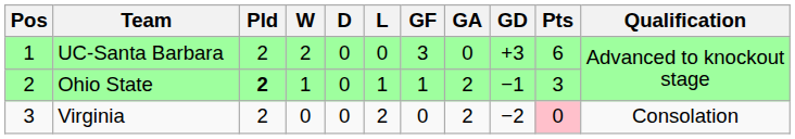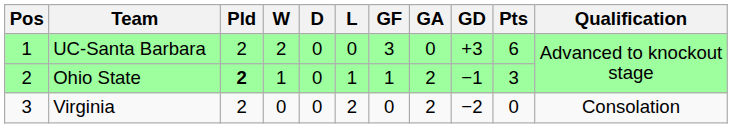 <table class="wikitable" style="text-align:center; margin: 1em auto">
 <tr>
 <th style=width:2em>Pos</th>
 <th style=width:13em>Team</th>
 <th style=width:2em>Pld</th>
 <th style=width:2em>W</th>
 <th style=width:2em>D</th>
 <th style=width:2em>L</th>
 <th style=width:2em>GF</th>
 <th style=width:2em>GA</th>
 <th style=width:2em>GD</th>
 <th style=width:2em>Pts</th>
 <th style=width:13em>Qualification</th>
 </tr>
 <tr bgcolor="#9eff9e">
 <td>1</td>
 <td style="text-align:left">UC-Santa Barbara</td>
 <td>2</td>
 <td>2</td>
 <td>0</td>
 <td>0</td>
 <td>3</td>
 <td>0</td>
 <td>+3</td>
 <td>6</td>
 <td rowspan="2">Advanced to knockout stage</td>
 </tr>
 <tr bgcolor="#9eff9e">
 <td>2</td>
 <td style="text-align:left">Ohio State</td>
 <td><strong>2</strong></td>
 <td>1</td>
 <td>0</td>
 <td>1</td>
 <td>1</td>
 <td>2</td>
 <td>−1</td>
 <td>3</td>
 </tr>
 <tr>
 <td>3</td>
 <td style="text-align:left">Virginia</td>
 <td>2</td>
 <td>0</td>
 <td>0</td>
 <td>2</td>
 <td>0</td>
 <td>2</td>
 <td>−2</td>
-<td style="background: pink;">0</td>
+<td>0</td>
 <td>Consolation</td>
 </tr>
 </table>
